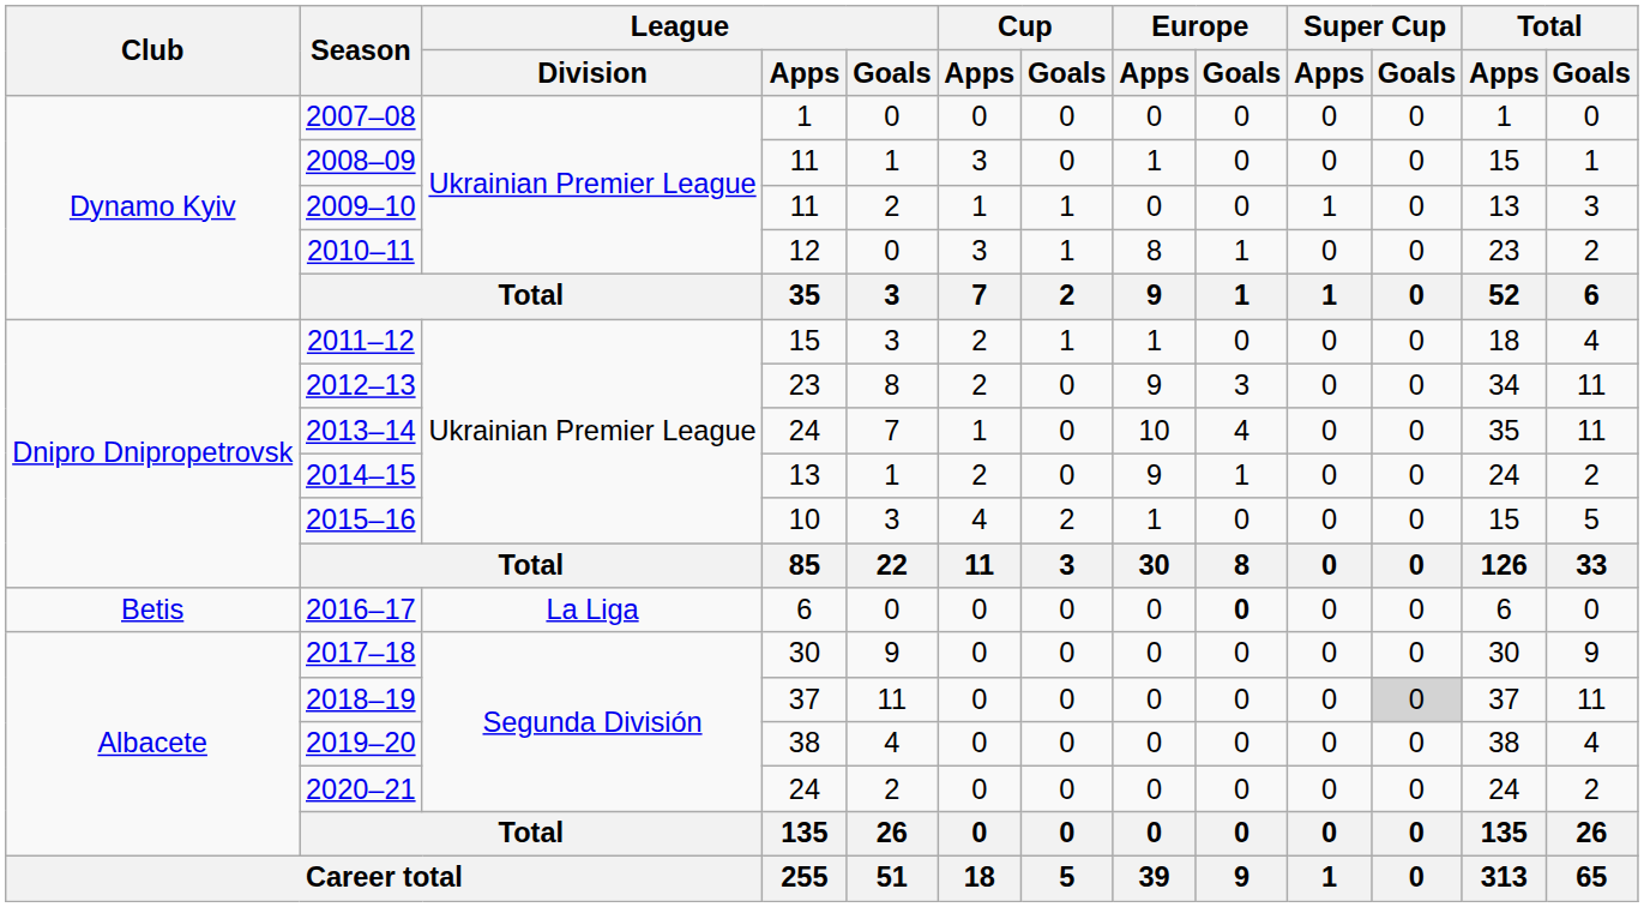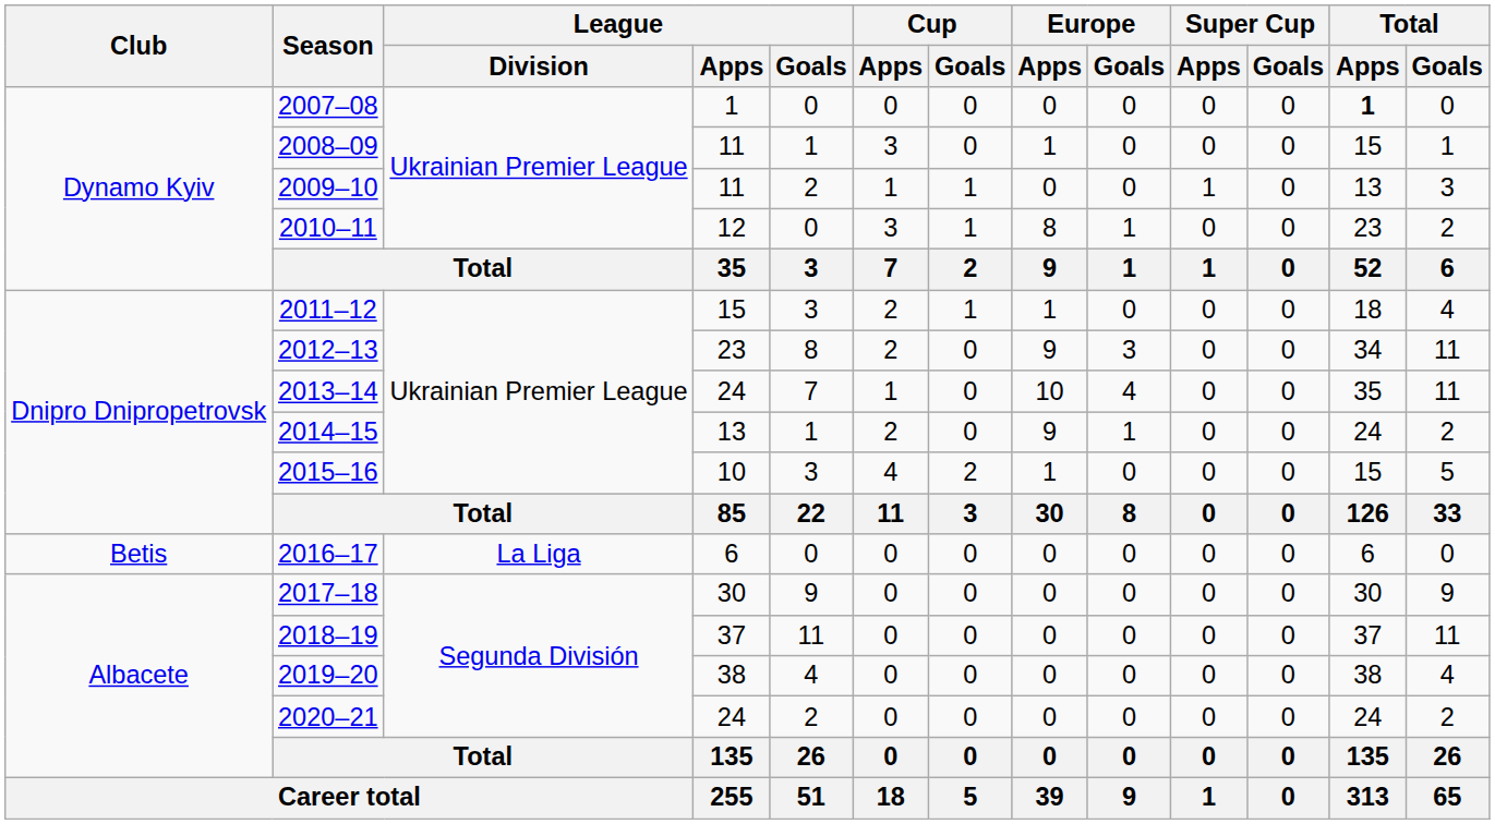 <table class="wikitable" style="text-align:center">
 <tr>
 <th rowspan="2">Club</th>
 <th rowspan="2">Season</th>
 <th colspan="3">League</th>
 <th colspan="2">Cup</th>
 <th colspan="2">Europe</th>
 <th colspan="2">Super Cup</th>
 <th colspan="2">Total</th>
 </tr>
 <tr>
 <th>Division</th>
 <th>Apps</th>
 <th>Goals</th>
 <th>Apps</th>
 <th>Goals</th>
 <th>Apps</th>
 <th>Goals</th>
 <th>Apps</th>
 <th>Goals</th>
 <th>Apps</th>
 <th>Goals</th>
 </tr>
 <tr>
 <td rowspan="5"><a href='#'>Dynamo Kyiv</a></td>
 <td><a href='#'>2007–08</a></td>
 <td rowspan="4"><a href='#'>Ukrainian Premier League</a></td>
 <td>1</td>
 <td>0</td>
 <td>0</td>
 <td>0</td>
 <td>0</td>
 <td>0</td>
 <td>0</td>
 <td>0</td>
-<td>1</td>
+<td><strong>1</strong></td>
 <td>0</td>
 </tr>
 <tr>
 <td><a href='#'>2008–09</a></td>
 <td>11</td>
 <td>1</td>
 <td>3</td>
 <td>0</td>
 <td>1</td>
 <td>0</td>
 <td>0</td>
 <td>0</td>
 <td>15</td>
 <td>1</td>
 </tr>
 <tr>
 <td><a href='#'>2009–10</a></td>
 <td>11</td>
 <td>2</td>
 <td>1</td>
 <td>1</td>
 <td>0</td>
 <td>0</td>
 <td>1</td>
 <td>0</td>
 <td>13</td>
 <td>3</td>
 </tr>
 <tr>
 <td><a href='#'>2010–11</a></td>
 <td>12</td>
 <td>0</td>
 <td>3</td>
 <td>1</td>
 <td>8</td>
 <td>1</td>
 <td>0</td>
 <td>0</td>
 <td>23</td>
 <td>2</td>
 </tr>
 <tr>
 <th colspan="2">Total</th>
 <th>35</th>
 <th>3</th>
 <th>7</th>
 <th>2</th>
 <th>9</th>
 <th>1</th>
 <th>1</th>
 <th>0</th>
 <th>52</th>
 <th>6</th>
 </tr>
 <tr>
 <td rowspan="6"><a href='#'>Dnipro Dnipropetrovsk</a></td>
 <td><a href='#'>2011–12</a></td>
 <td rowspan="5">Ukrainian Premier League</td>
 <td>15</td>
 <td>3</td>
 <td>2</td>
 <td>1</td>
 <td>1</td>
 <td>0</td>
 <td>0</td>
 <td>0</td>
 <td>18</td>
 <td>4</td>
 </tr>
 <tr>
 <td><a href='#'>2012–13</a></td>
 <td>23</td>
 <td>8</td>
 <td>2</td>
 <td>0</td>
 <td>9</td>
 <td>3</td>
 <td>0</td>
 <td>0</td>
 <td>34</td>
 <td>11</td>
 </tr>
 <tr>
 <td><a href='#'>2013–14</a></td>
 <td>24</td>
 <td>7</td>
 <td>1</td>
 <td>0</td>
 <td>10</td>
 <td>4</td>
 <td>0</td>
 <td>0</td>
 <td>35</td>
 <td>11</td>
 </tr>
 <tr>
 <td><a href='#'>2014–15</a></td>
 <td>13</td>
 <td>1</td>
 <td>2</td>
 <td>0</td>
 <td>9</td>
 <td>1</td>
 <td>0</td>
 <td>0</td>
 <td>24</td>
 <td>2</td>
 </tr>
 <tr>
 <td><a href='#'>2015–16</a></td>
 <td>10</td>
 <td>3</td>
 <td>4</td>
 <td>2</td>
 <td>1</td>
 <td>0</td>
 <td>0</td>
 <td>0</td>
 <td>15</td>
 <td>5</td>
 </tr>
 <tr>
 <th colspan="2">Total</th>
 <th>85</th>
 <th>22</th>
 <th>11</th>
 <th>3</th>
 <th>30</th>
 <th>8</th>
 <th>0</th>
 <th>0</th>
 <th>126</th>
 <th>33</th>
 </tr>
 <tr>
 <td><a href='#'>Betis</a></td>
 <td><a href='#'>2016–17</a></td>
 <td><a href='#'>La Liga</a></td>
 <td>6</td>
 <td>0</td>
 <td>0</td>
 <td>0</td>
 <td>0</td>
-<td><strong>0</strong></td>
+<td>0</td>
 <td>0</td>
 <td>0</td>
 <td>6</td>
 <td>0</td>
 </tr>
 <tr>
 <td rowspan="5"><a href='#'>Albacete</a></td>
 <td><a href='#'>2017–18</a></td>
 <td rowspan="4"><a href='#'>Segunda División</a></td>
 <td>30</td>
 <td>9</td>
 <td>0</td>
 <td>0</td>
 <td>0</td>
 <td>0</td>
 <td>0</td>
 <td>0</td>
 <td>30</td>
 <td>9</td>
 </tr>
 <tr>
 <td><a href='#'>2018–19</a></td>
 <td>37</td>
 <td>11</td>
 <td>0</td>
 <td>0</td>
 <td>0</td>
 <td>0</td>
 <td>0</td>
-<td style="background: lightgrey;">0</td>
+<td>0</td>
 <td>37</td>
 <td>11</td>
 </tr>
 <tr>
 <td><a href='#'>2019–20</a></td>
 <td>38</td>
 <td>4</td>
 <td>0</td>
 <td>0</td>
 <td>0</td>
 <td>0</td>
 <td>0</td>
 <td>0</td>
 <td>38</td>
 <td>4</td>
 </tr>
 <tr>
 <td><a href='#'>2020–21</a></td>
 <td>24</td>
 <td>2</td>
 <td>0</td>
 <td>0</td>
 <td>0</td>
 <td>0</td>
 <td>0</td>
 <td>0</td>
 <td>24</td>
 <td>2</td>
 </tr>
 <tr>
 <th colspan="2">Total</th>
 <th>135</th>
 <th>26</th>
 <th>0</th>
 <th>0</th>
 <th>0</th>
 <th>0</th>
 <th>0</th>
 <th>0</th>
 <th>135</th>
 <th>26</th>
 </tr>
 <tr>
 <th colspan="3">Career total</th>
 <th>255</th>
 <th>51</th>
 <th>18</th>
 <th>5</th>
 <th>39</th>
 <th>9</th>
 <th>1</th>
 <th>0</th>
 <th>313</th>
 <th>65</th>
 </tr>
 </table>
